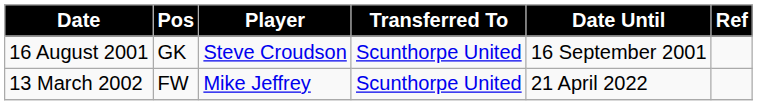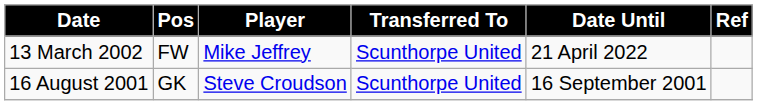 <table class="wikitable plainrowheaders sortable">
 <tr>
 <th style="background:#000000; color:#FFFFFF; ">Date</th>
 <th style="background:#000000; color:#FFFFff; ">Pos</th>
 <th style="background:#000000; color:#FFFFff; ">Player</th>
 <th style="background:#000000; color:#FFFFff; ">Transferred To</th>
 <th style="background:#000000; color:#FFFFff; ">Date Until</th>
 <th style="background:#000000; color:#FFFFff; ">Ref</th>
 </tr>
 <tr>
+<td>13 March 2002</td>
+<td>FW</td>
+<td> <a href='#'>Mike Jeffrey</a></td>
+<td> <a href='#'>Scunthorpe United</a></td>
+<td>21 April 2022</td>
+<td></td>
+</tr>
+<tr>
 <td>16 August 2001</td>
 <td>GK</td>
 <td> <a href='#'>Steve Croudson</a></td>
 <td> <a href='#'>Scunthorpe United</a></td>
 <td>16 September 2001</td>
 <td></td>
 </tr>
 <tr>
-<td>13 March 2002</td>
-<td>FW</td>
-<td> <a href='#'>Mike Jeffrey</a></td>
-<td> <a href='#'>Scunthorpe United</a></td>
-<td>21 April 2022</td>
-<td></td>
-</tr>
-<tr>
 </tr>
 </table>
